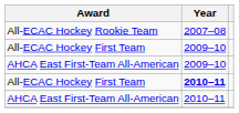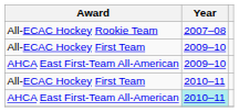 <table class="wikitable">
 <tr>
 <th>Award</th>
 <th>Year</th>
 <th></th>
 </tr>
 <tr>
 <td>All-<a href='#'>ECAC Hockey</a> <a href='#'>Rookie Team</a></td>
 <td><a href='#'>2007–08</a></td>
 <td></td>
 </tr>
 <tr>
 <td>All-<a href='#'>ECAC Hockey</a> <a href='#'>First Team</a></td>
 <td><a href='#'>2009–10</a></td>
 <td></td>
 </tr>
 <tr>
 <td><a href='#'>AHCA</a> <a href='#'>East First-Team All-American</a></td>
 <td><a href='#'>2009–10</a></td>
 <td></td>
 </tr>
 <tr>
 <td>All-<a href='#'>ECAC Hockey</a> <a href='#'>First Team</a></td>
-<td><strong><a href='#'>2010–11</a></strong></td>
+<td><a href='#'>2010–11</a></td>
 <td></td>
 </tr>
 <tr>
 <td><a href='#'>AHCA</a> <a href='#'>East First-Team All-American</a></td>
-<td><a href='#'>2010–11</a></td>
+<td style="background: paleturquoise;"><a href='#'>2010–11</a></td>
 <td></td>
 </tr>
 <tr>
 </tr>
 </table>
